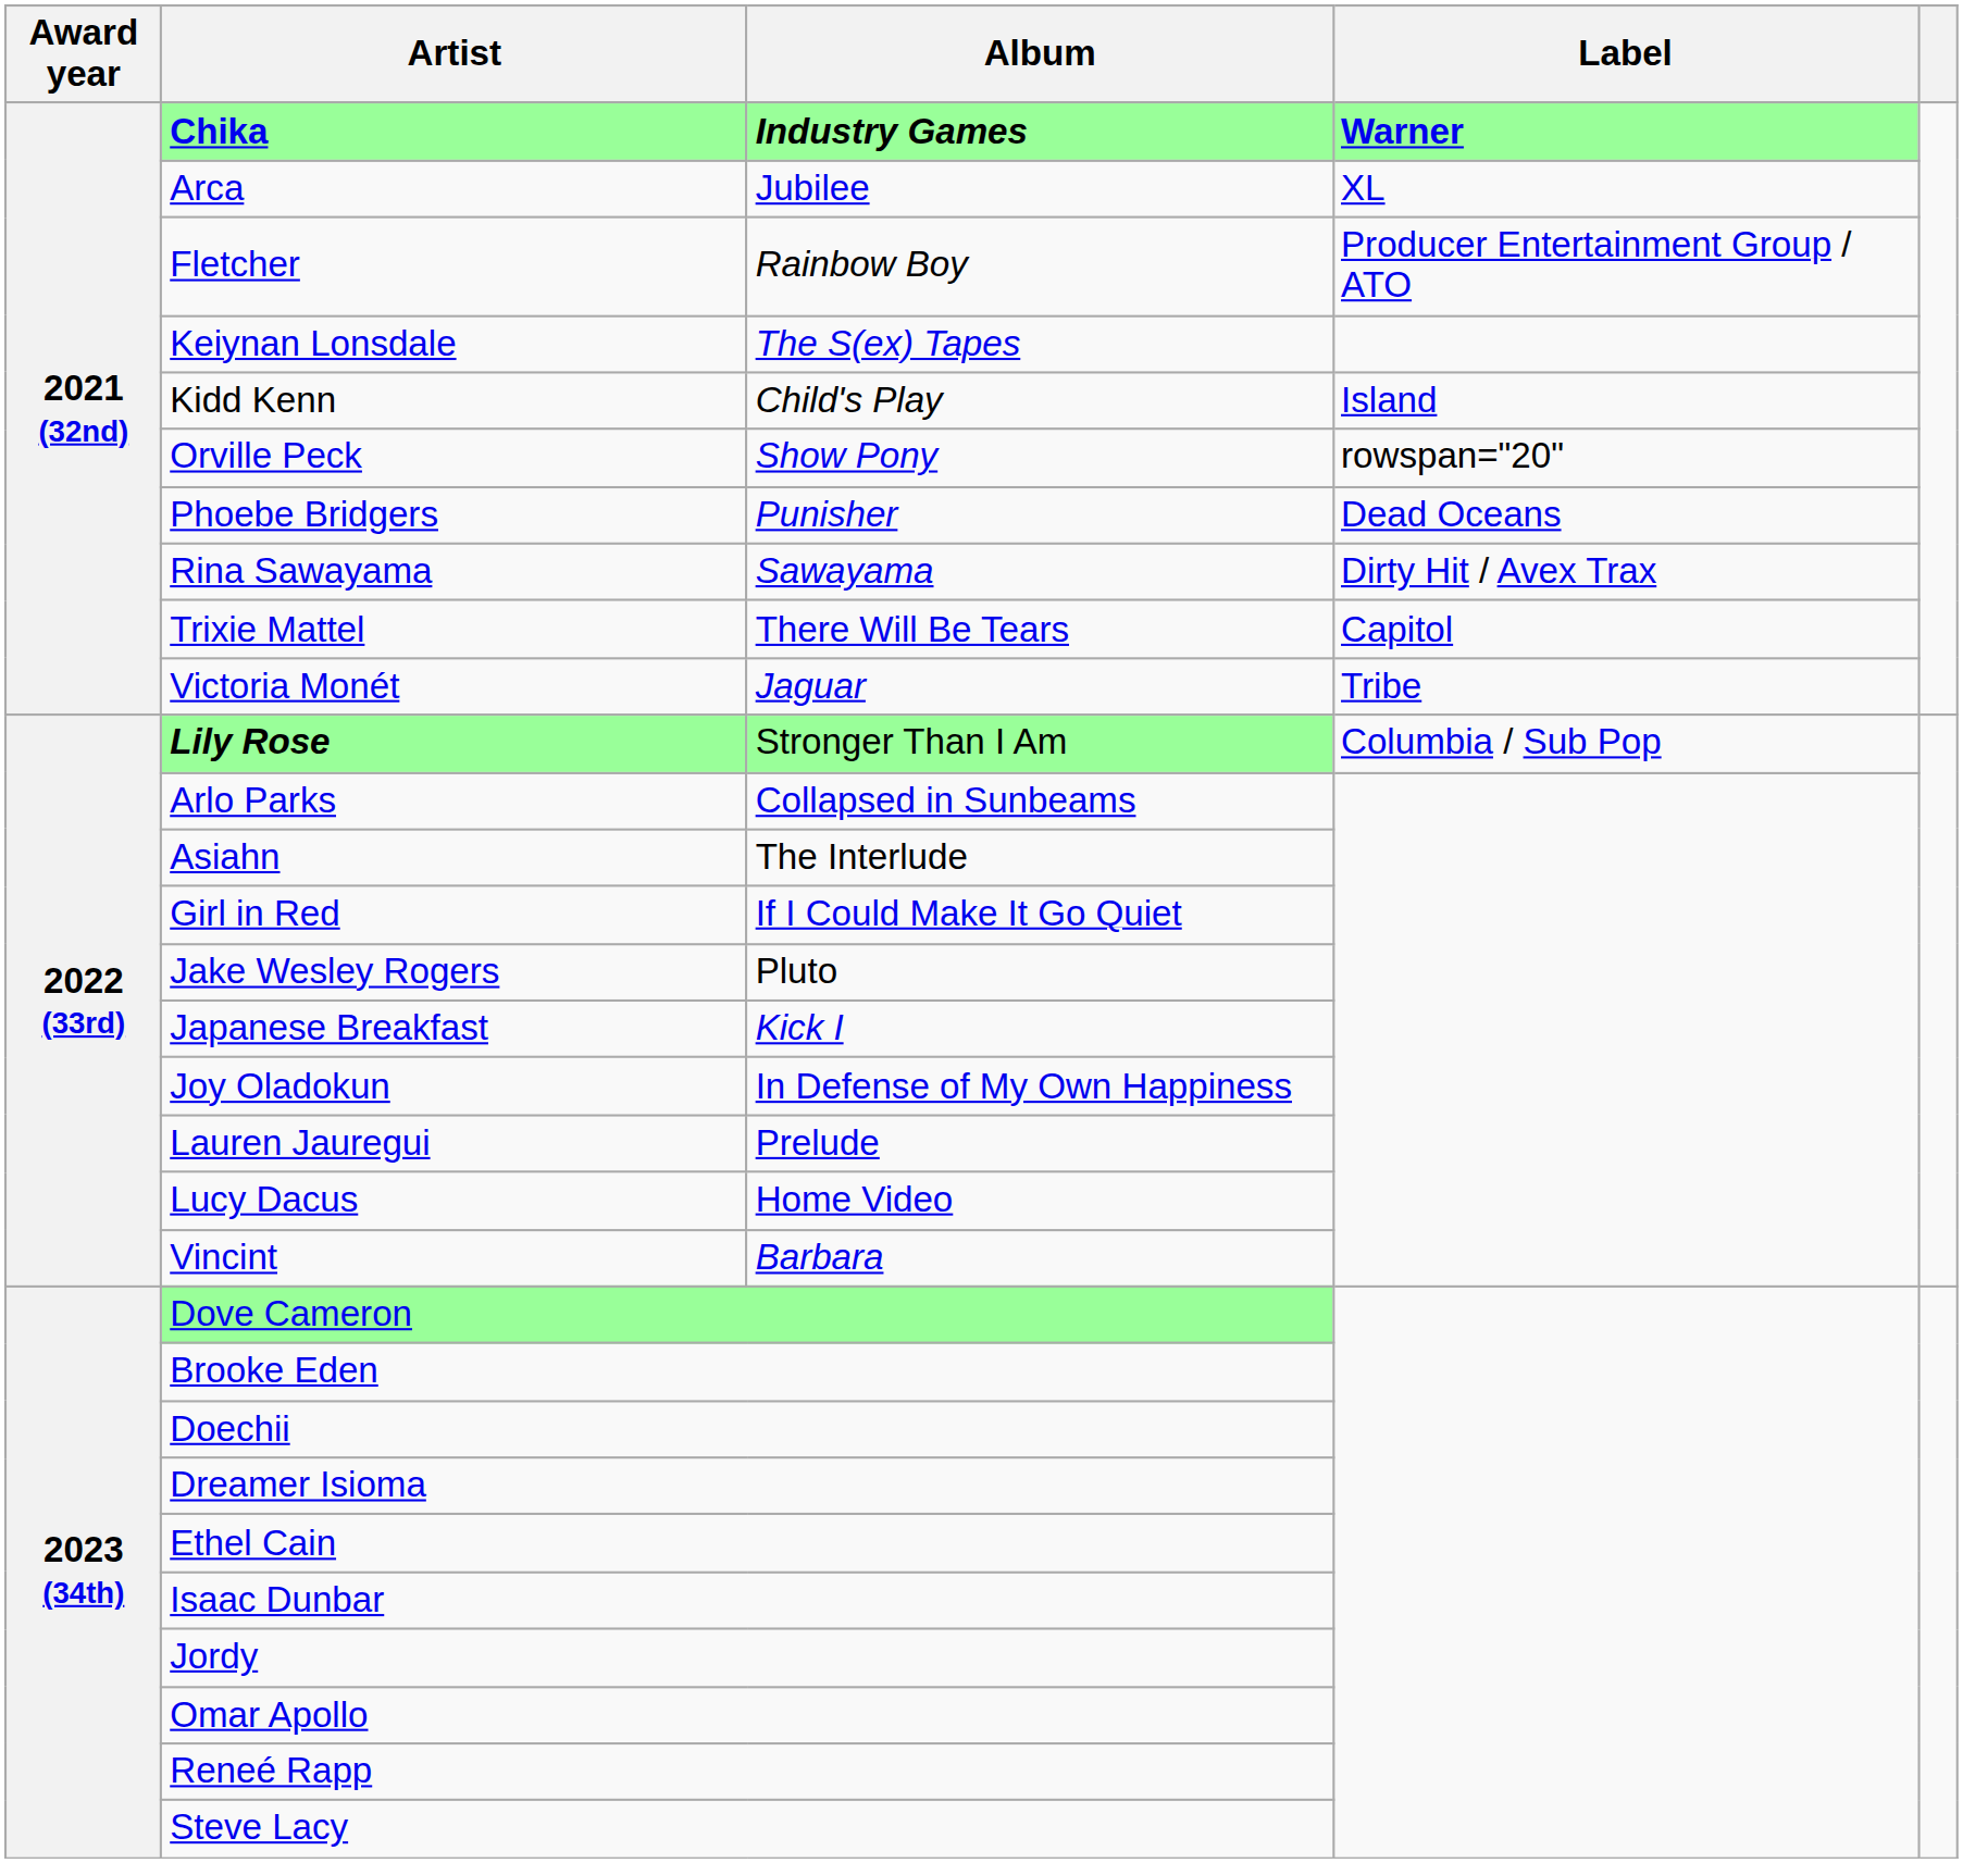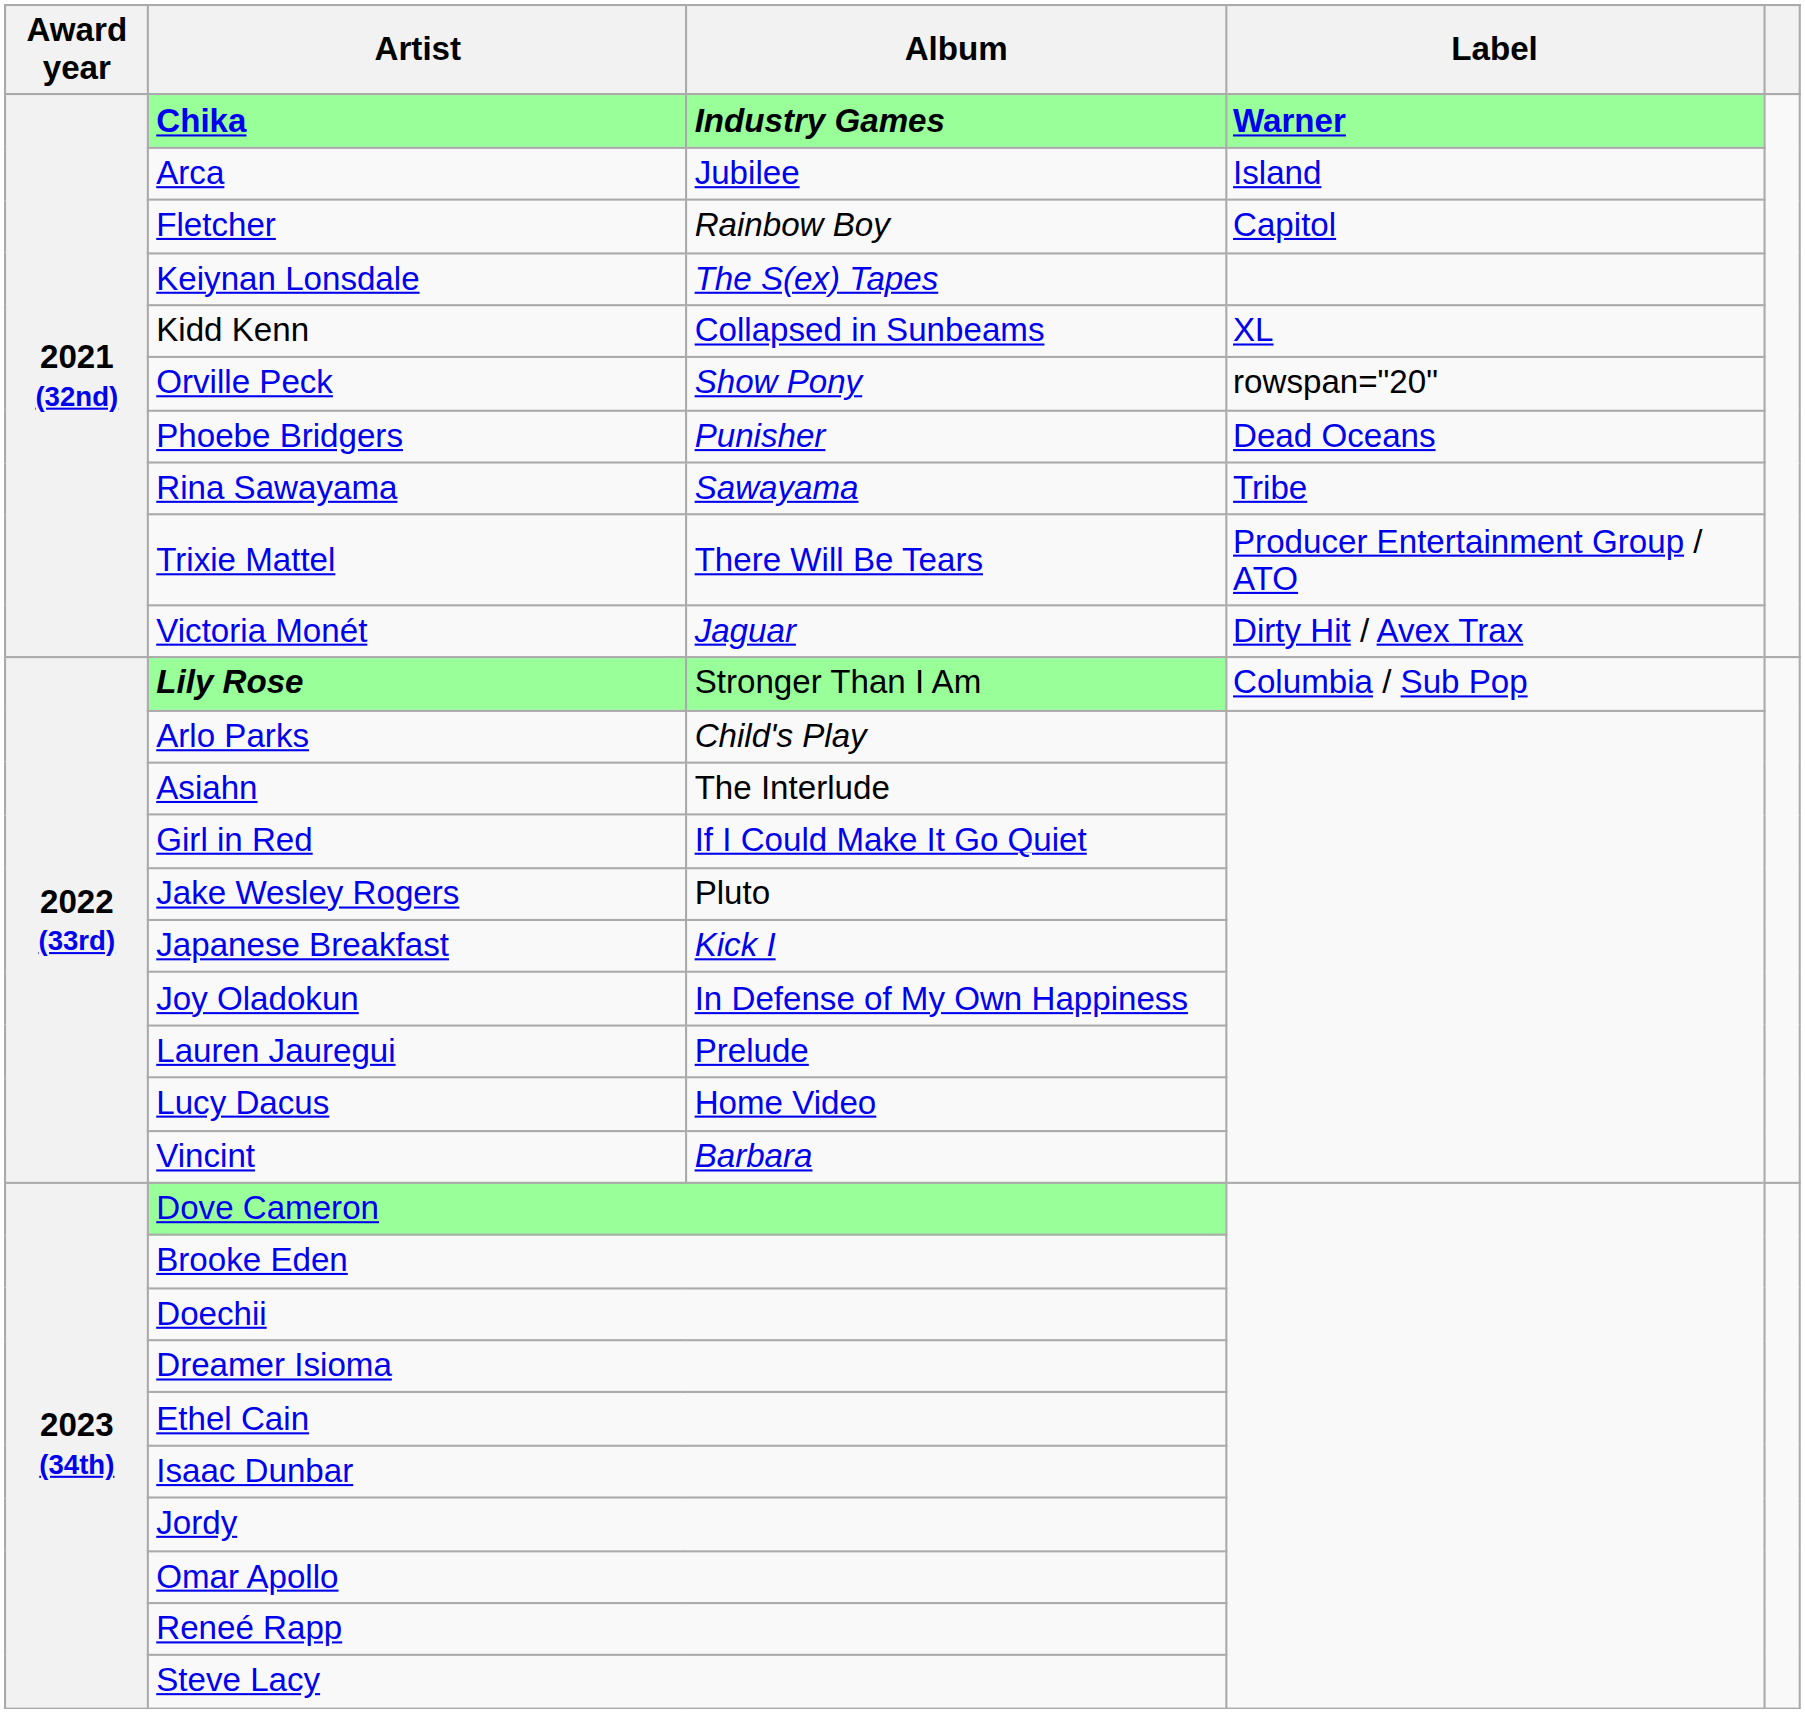 <table class="wikitable sortable">
 <tr>
 <th scope="col" style="width:8%">Award year</th>
 <th scope="col" style="width:30%">Artist</th>
 <th scope="col" style="width:30%">Album</th>
 <th scope="col" style="width:30%">Label</th>
 <th scope="col" style="width:2%" class="unsortable"></th>
 </tr>
 <tr>
 <th scope="rowgroup" rowspan="10" style="text-align:center">2021<br><small><a href='#'>(32nd)</a></small></th>
 <td style="background:#99ff99;"><strong><a href='#'>Chika</a> </strong></td>
 <td style="background:#99ff99;"><strong><em>Industry Games</em></strong></td>
 <td style="background:#99ff99;"><strong><a href='#'>Warner</a></strong></td>
 <td rowspan="10" align="center"><br></td>
 </tr>
 <tr>
 <td><a href='#'>Arca</a></td>
 <td></em><a href='#'>Jubilee</a><em></td>
-<td><a href='#'>XL</a></td>
+<td><a href='#'>Island</a></td>
 </tr>
 <tr>
 <td><a href='#'>Fletcher</a></td>
 <td><em>Rainbow Boy</em></td>
-<td><a href='#'>Producer Entertainment Group</a> / <a href='#'>ATO</a></td>
+<td><a href='#'>Capitol</a></td>
 </tr>
 <tr>
 <td><a href='#'>Keiynan Lonsdale</a></td>
 <td><em><a href='#'>The S(ex) Tapes</a></em></td>
 <td></td>
 </tr>
 <tr>
 <td>Kidd Kenn</td>
-<td><em>Child's Play</em></td>
-<td><a href='#'>Island</a></td>
+<td></em><a href='#'>Collapsed in Sunbeams</a><em></td>
+<td><a href='#'>XL</a></td>
 </tr>
 <tr>
 <td><a href='#'>Orville Peck</a></td>
 <td><em><a href='#'>Show Pony</a></em></td>
 <td>rowspan="20" </td>
 </tr>
 <tr>
 <td><a href='#'>Phoebe Bridgers</a></td>
 <td><em><a href='#'>Punisher</a></em></td>
 <td><a href='#'>Dead Oceans</a></td>
 </tr>
 <tr>
 <td><a href='#'>Rina Sawayama</a></td>
 <td><em><a href='#'>Sawayama</a></em></td>
-<td><a href='#'>Dirty Hit</a> / <a href='#'>Avex Trax</a></td>
+<td><a href='#'>Tribe</a></td>
 </tr>
 <tr>
 <td><a href='#'>Trixie Mattel</a></td>
 <td></em><a href='#'>There Will Be Tears</a><em></td>
-<td><a href='#'>Capitol</a></td>
+<td><a href='#'>Producer Entertainment Group</a> / <a href='#'>ATO</a></td>
 </tr>
 <tr>
 <td><a href='#'>Victoria Monét</a></td>
 <td><em><a href='#'>Jaguar</a></em></td>
-<td><a href='#'>Tribe</a></td>
+<td><a href='#'>Dirty Hit</a> / <a href='#'>Avex Trax</a></td>
 </tr>
 <tr>
 <th scope="rowgroup" rowspan="10" style="text-align:center">2022<br><small><a href='#'>(33rd)</a></small></th>
 <td style="background:#99ff99;"><strong><em>Lily Rose<em> <strong></td>
 <td style="background:#99ff99;"></strong>Stronger Than I Am<strong></td>
 <td><a href='#'>Columbia</a> / <a href='#'>Sub Pop</a></td>
 <td rowspan="10" align="center"><br></td>
 </tr>
 <tr>
 <td><a href='#'>Arlo Parks</a></td>
-<td></em><a href='#'>Collapsed in Sunbeams</a><em></td>
+<td><em>Child's Play</em></td>
 </tr>
 <tr>
 <td><a href='#'>Asiahn</a></td>
 <td></em>The Interlude<em></td>
 </tr>
 <tr>
 <td><a href='#'>Girl in Red</a></td>
 <td></em><a href='#'>If I Could Make It Go Quiet</a><em></td>
 </tr>
 <tr>
 <td><a href='#'>Jake Wesley Rogers</a></td>
 <td></em>Pluto<em></td>
 </tr>
 <tr>
 <td><a href='#'>Japanese Breakfast</a></td>
 <td><em><a href='#'>Kick I</a></em></td>
 </tr>
 <tr>
 <td><a href='#'>Joy Oladokun</a></td>
 <td></em><a href='#'>In Defense of My Own Happiness</a><em></td>
 </tr>
 <tr>
 <td><a href='#'>Lauren Jauregui</a></td>
 <td></em><a href='#'>Prelude</a><em></td>
 </tr>
 <tr>
 <td><a href='#'>Lucy Dacus</a></td>
 <td></em><a href='#'>Home Video</a><em></td>
 </tr>
 <tr>
 <td><a href='#'>Vincint</a></td>
 <td><em><a href='#'>Barbara</a></em></td>
 </tr>
 <tr>
 <th scope="rowgroup" rowspan="10" style="text-align:center">2023<br><small><a href='#'>(34th)</a></small></th>
 <td style="background:#99ff99;" colspan=2></em></strong><a href='#'>Dove Cameron</a></em> </strong></td>
 <td rowspan="10" align="center"></td>
 </tr>
 <tr>
 <td colspan=2><a href='#'>Brooke Eden</a></td>
 </tr>
 <tr>
 <td colspan=2><a href='#'>Doechii</a></td>
 </tr>
 <tr>
 <td colspan=2><a href='#'>Dreamer Isioma</a></td>
 </tr>
 <tr>
 <td colspan=2><a href='#'>Ethel Cain</a></td>
 </tr>
 <tr>
 <td colspan=2><a href='#'>Isaac Dunbar</a></td>
 </tr>
 <tr>
 <td colspan=2><a href='#'>Jordy</a></td>
 </tr>
 <tr>
 <td colspan=2><a href='#'>Omar Apollo</a></td>
 </tr>
 <tr>
 <td colspan=2><a href='#'>Reneé Rapp</a></td>
 </tr>
 <tr>
 <td colspan=2><a href='#'>Steve Lacy</a></td>
 </tr>
 </table>
